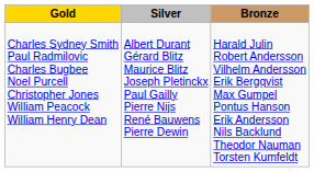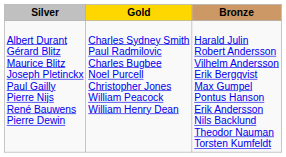 <table class="wikitable">
 <tr>
+<td align=center bgcolor=silver><strong>Silver</strong></td>
 <td align=center bgcolor=gold><strong>Gold</strong></td>
-<td align=center bgcolor=silver><strong>Silver</strong></td>
 <td align=center bgcolor=cc9966><strong>Bronze</strong></td>
 </tr>
 <tr valign="top">
+<td> <br> <a href='#'>Albert Durant</a><br><a href='#'>Gérard Blitz</a><br><a href='#'>Maurice Blitz</a><br><a href='#'>Joseph Pletinckx</a><br><a href='#'>Paul Gailly</a><br><a href='#'>Pierre Nijs</a><br><a href='#'>René Bauwens</a><br><a href='#'>Pierre Dewin</a></td>
 <td><br><a href='#'>Charles Sydney Smith</a><br><a href='#'>Paul Radmilovic</a><br><a href='#'>Charles Bugbee</a><br><a href='#'>Noel Purcell</a><br><a href='#'>Christopher Jones</a><br><a href='#'>William Peacock</a><br><a href='#'>William Henry Dean</a></td>
-<td> <br> <a href='#'>Albert Durant</a><br><a href='#'>Gérard Blitz</a><br><a href='#'>Maurice Blitz</a><br><a href='#'>Joseph Pletinckx</a><br><a href='#'>Paul Gailly</a><br><a href='#'>Pierre Nijs</a><br><a href='#'>René Bauwens</a><br><a href='#'>Pierre Dewin</a></td>
 <td> <br> <a href='#'>Harald Julin</a><br><a href='#'>Robert Andersson</a><br><a href='#'>Vilhelm Andersson</a><br><a href='#'>Erik Bergqvist</a><br><a href='#'>Max Gumpel</a><br><a href='#'>Pontus Hanson</a><br><a href='#'>Erik Andersson</a><br><a href='#'>Nils Backlund</a><br><a href='#'>Theodor Nauman</a><br><a href='#'>Torsten Kumfeldt</a></td>
 </tr>
 </table>
